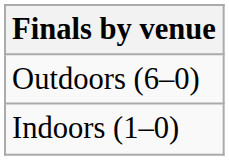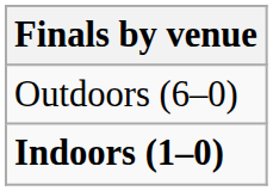 <table class=wikitable style=font-size:97%>
 <tr>
 <th>Finals by venue</th>
 </tr>
 <tr>
 <td>Outdoors (6–0)</td>
 </tr>
 <tr>
-<td>Indoors (1–0)</td>
+<td><strong>Indoors (1–0)</strong></td>
 </tr>
 </table>
